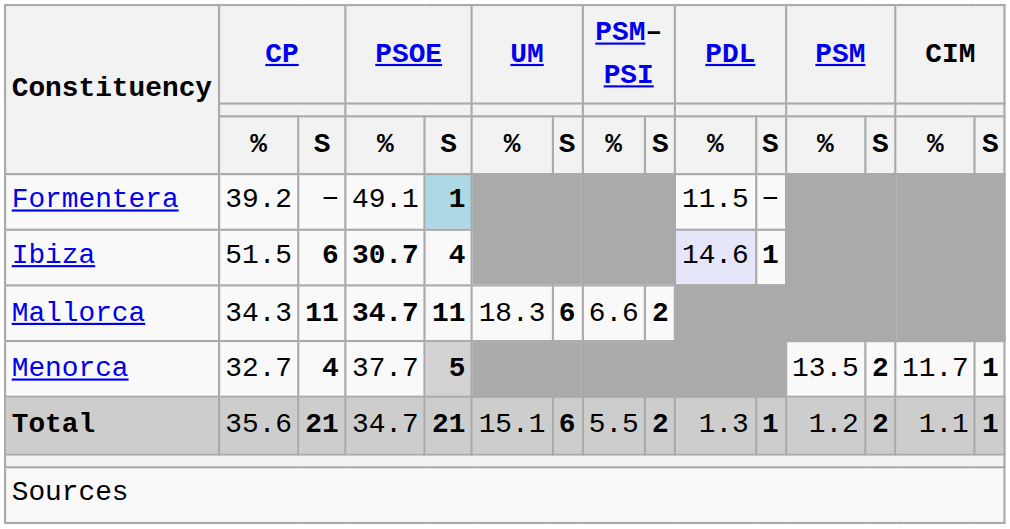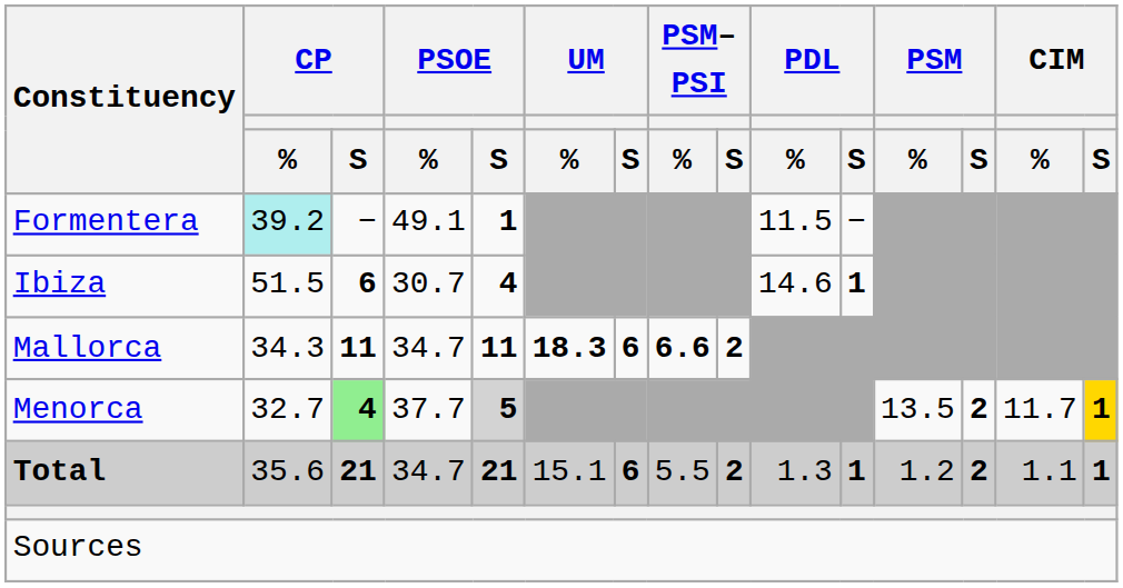 <table class="wikitable sortable" style="text-align:right; line-height:20px;">
 <tr>
 <th rowspan="3">Constituency</th>
 <th colspan="2" width="30px" class="unsortable"><a href='#'>CP</a></th>
 <th colspan="2" width="30px" class="unsortable"><a href='#'>PSOE</a></th>
 <th colspan="2" width="30px" class="unsortable"><a href='#'>UM</a></th>
 <th colspan="2" width="30px" class="unsortable"><a href='#'>PSM</a>–<a href='#'>PSI</a></th>
 <th colspan="2" width="30px" class="unsortable"><a href='#'>PDL</a></th>
 <th colspan="2" width="30px" class="unsortable"><a href='#'>PSM</a></th>
 <th colspan="2" width="30px" class="unsortable">CIM</th>
 </tr>
 <tr>
 <th colspan="2" style="background:"></th>
 <th colspan="2" style="background:"></th>
 <th colspan="2" style="background:"></th>
 <th colspan="2" style="background:"></th>
 <th colspan="2" style="background:"></th>
 <th colspan="2" style="background:"></th>
 <th colspan="2" style="background:"></th>
 </tr>
 <tr>
 <th data-sort-type="number">%</th>
 <th data-sort-type="number">S</th>
 <th data-sort-type="number">%</th>
 <th data-sort-type="number">S</th>
 <th data-sort-type="number">%</th>
 <th data-sort-type="number">S</th>
 <th data-sort-type="number">%</th>
 <th data-sort-type="number">S</th>
 <th data-sort-type="number">%</th>
 <th data-sort-type="number">S</th>
 <th data-sort-type="number">%</th>
 <th data-sort-type="number">S</th>
 <th data-sort-type="number">%</th>
 <th data-sort-type="number">S</th>
 </tr>
 <tr>
 <td align="left"><a href='#'>Formentera</a></td>
-<td>39.2</td>
+<td style="background: paleturquoise;">39.2</td>
 <td>−</td>
 <td style="background:">49.1</td>
-<td style="background: lightblue;"><strong>1</strong></td>
+<td><strong>1</strong></td>
 <td colspan="2" rowspan="2" bgcolor="#AAAAAA"></td>
 <td colspan="2" rowspan="2" bgcolor="#AAAAAA"></td>
 <td>11.5</td>
 <td>−</td>
 <td colspan="2" rowspan="3" bgcolor="#AAAAAA"></td>
 <td colspan="2" rowspan="3" bgcolor="#AAAAAA"></td>
 </tr>
 <tr>
 <td align="left"><a href='#'>Ibiza</a></td>
 <td style="background:">51.5</td>
 <td><strong>6</strong></td>
-<td><strong>30.7</strong></td>
+<td>30.7</td>
 <td><strong>4</strong></td>
-<td style="background: lavender;">14.6</td>
+<td>14.6</td>
 <td><strong>1</strong></td>
 </tr>
 <tr>
 <td align="left"><a href='#'>Mallorca</a></td>
 <td>34.3</td>
 <td><strong>11</strong></td>
-<td style="background:"><strong>34.7</strong></td>
+<td style="background:">34.7</td>
 <td><strong>11</strong></td>
-<td>18.3</td>
+<td><strong>18.3</strong></td>
 <td><strong>6</strong></td>
-<td>6.6</td>
+<td><strong>6.6</strong></td>
 <td><strong>2</strong></td>
 <td colspan="2" rowspan="2" bgcolor="#AAAAAA"></td>
 </tr>
 <tr>
 <td align="left"><a href='#'>Menorca</a></td>
 <td>32.7</td>
-<td><strong>4</strong></td>
+<td style="background: lightgreen;"><strong>4</strong></td>
 <td style="background:">37.7</td>
 <td style="background: lightgrey;"><strong>5</strong></td>
 <td colspan="2" bgcolor="#AAAAAA"></td>
 <td colspan="2" bgcolor="#AAAAAA"></td>
 <td>13.5</td>
 <td><strong>2</strong></td>
 <td>11.7</td>
-<td><strong>1</strong></td>
+<td style="background: gold;"><strong>1</strong></td>
 </tr>
 <tr style="background:#CDCDCD;">
 <td align="left"><strong>Total</strong></td>
 <td style="background:">35.6</td>
 <td><strong>21</strong></td>
 <td>34.7</td>
 <td><strong>21</strong></td>
 <td>15.1</td>
 <td><strong>6</strong></td>
 <td>5.5</td>
 <td><strong>2</strong></td>
 <td>1.3</td>
 <td><strong>1</strong></td>
 <td>1.2</td>
 <td><strong>2</strong></td>
 <td>1.1</td>
 <td><strong>1</strong></td>
 </tr>
 <tr>
 <th colspan="15"></th>
 </tr>
 <tr>
 <th style="text-align:left; font-weight:normal; background:#F9F9F9" colspan="15">Sources</th>
 </tr>
 </table>
